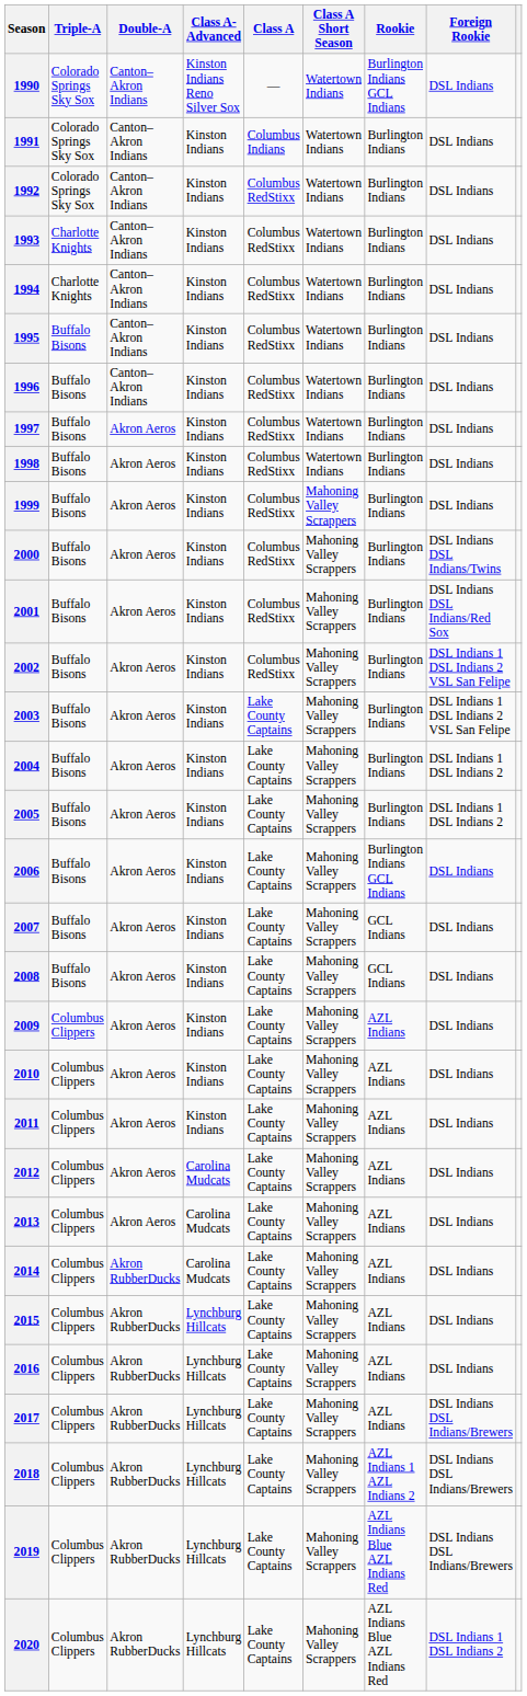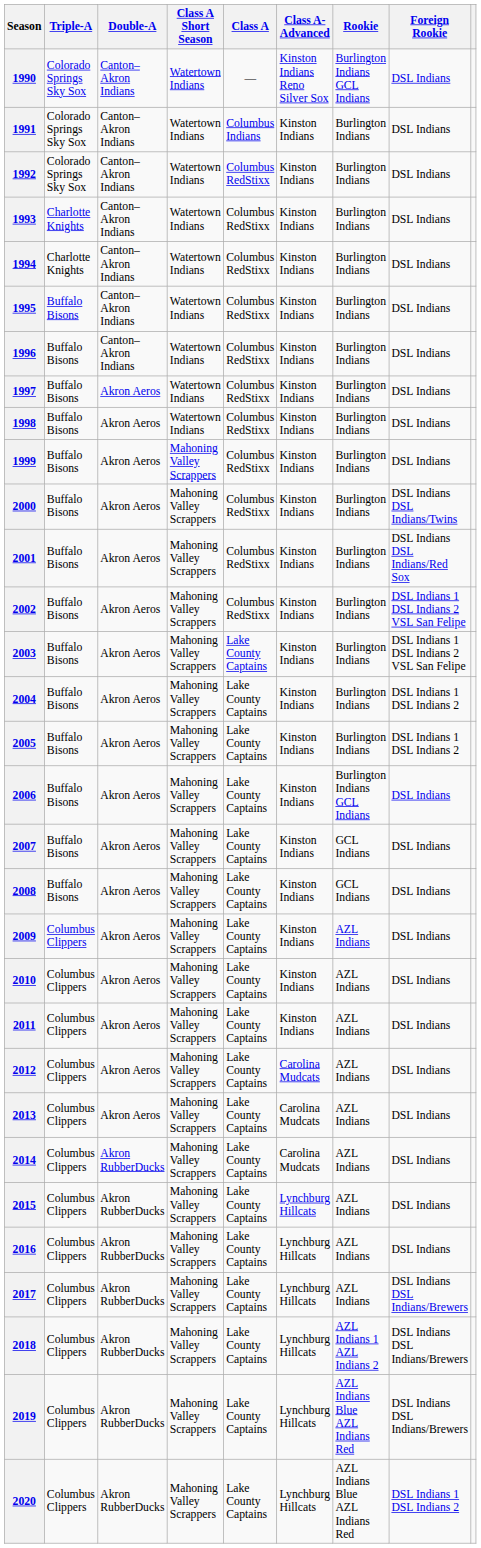 <table class="wikitable plainrowheaders">
 <tr>
 <th scope="col">Season</th>
 <th scope="col"><a href='#'><span>Triple-A</span></a></th>
 <th scope="col"><a href='#'><span>Double-A</span></a></th>
+<th scope="col"><a href='#'><span>Class A Short Season</span></a></th>
+<th scope="col"><a href='#'><span>Class A</span></a></th>
 <th scope="col"><a href='#'><span>Class A-Advanced</span></a></th>
-<th scope="col"><a href='#'><span>Class A</span></a></th>
-<th scope="col"><a href='#'><span>Class A Short Season</span></a></th>
 <th scope="col"><a href='#'><span>Rookie</span></a></th>
 <th scope="col"><a href='#'><span>Foreign Rookie</span></a></th>
 <th scope="col"></th>
 </tr>
 <tr>
 <th scope="row" style="text-align:center"><a href='#'>1990</a></th>
 <td><a href='#'>Colorado Springs Sky Sox</a></td>
 <td><a href='#'>Canton–Akron Indians</a></td>
+<td><a href='#'>Watertown Indians</a></td>
+<td align="center">—</td>
 <td><a href='#'>Kinston Indians</a><br><a href='#'>Reno Silver Sox</a></td>
-<td align="center">—</td>
-<td><a href='#'>Watertown Indians</a></td>
 <td><a href='#'>Burlington Indians</a><br><a href='#'>GCL Indians</a></td>
 <td><a href='#'>DSL Indians</a></td>
 <td align="center"></td>
 </tr>
 <tr>
 <th scope="row" style="text-align:center"><a href='#'>1991</a></th>
 <td>Colorado Springs Sky Sox</td>
 <td>Canton–Akron Indians</td>
+<td>Watertown Indians</td>
+<td><a href='#'>Columbus Indians</a></td>
 <td>Kinston Indians</td>
-<td><a href='#'>Columbus Indians</a></td>
-<td>Watertown Indians</td>
 <td>Burlington Indians</td>
 <td>DSL Indians</td>
 <td align="center"></td>
 </tr>
 <tr>
 <th scope="row" style="text-align:center"><a href='#'>1992</a></th>
 <td>Colorado Springs Sky Sox</td>
 <td>Canton–Akron Indians</td>
+<td>Watertown Indians</td>
+<td><a href='#'>Columbus RedStixx</a></td>
 <td>Kinston Indians</td>
-<td><a href='#'>Columbus RedStixx</a></td>
-<td>Watertown Indians</td>
 <td>Burlington Indians</td>
 <td>DSL Indians</td>
 <td align="center"></td>
 </tr>
 <tr>
 <th scope="row" style="text-align:center"><a href='#'>1993</a></th>
 <td><a href='#'>Charlotte Knights</a></td>
 <td>Canton–Akron Indians</td>
+<td>Watertown Indians</td>
+<td>Columbus RedStixx</td>
 <td>Kinston Indians</td>
-<td>Columbus RedStixx</td>
-<td>Watertown Indians</td>
 <td>Burlington Indians</td>
 <td>DSL Indians</td>
 <td align="center"></td>
 </tr>
 <tr>
 <th scope="row" style="text-align:center"><a href='#'>1994</a></th>
 <td>Charlotte Knights</td>
 <td>Canton–Akron Indians</td>
+<td>Watertown Indians</td>
+<td>Columbus RedStixx</td>
 <td>Kinston Indians</td>
-<td>Columbus RedStixx</td>
-<td>Watertown Indians</td>
 <td>Burlington Indians</td>
 <td>DSL Indians</td>
 <td align="center"></td>
 </tr>
 <tr>
 <th scope="row" style="text-align:center"><a href='#'>1995</a></th>
 <td><a href='#'>Buffalo Bisons</a></td>
 <td>Canton–Akron Indians</td>
+<td>Watertown Indians</td>
+<td>Columbus RedStixx</td>
 <td>Kinston Indians</td>
-<td>Columbus RedStixx</td>
-<td>Watertown Indians</td>
 <td>Burlington Indians</td>
 <td>DSL Indians</td>
 <td align="center"></td>
 </tr>
 <tr>
 <th scope="row" style="text-align:center"><a href='#'>1996</a></th>
 <td>Buffalo Bisons</td>
 <td>Canton–Akron Indians</td>
+<td>Watertown Indians</td>
+<td>Columbus RedStixx</td>
 <td>Kinston Indians</td>
-<td>Columbus RedStixx</td>
-<td>Watertown Indians</td>
 <td>Burlington Indians</td>
 <td>DSL Indians</td>
 <td align="center"></td>
 </tr>
 <tr>
 <th scope="row" style="text-align:center"><a href='#'>1997</a></th>
 <td>Buffalo Bisons</td>
 <td><a href='#'>Akron Aeros</a></td>
+<td>Watertown Indians</td>
+<td>Columbus RedStixx</td>
 <td>Kinston Indians</td>
-<td>Columbus RedStixx</td>
-<td>Watertown Indians</td>
 <td>Burlington Indians</td>
 <td>DSL Indians</td>
 <td align="center"></td>
 </tr>
 <tr>
 <th scope="row" style="text-align:center"><a href='#'>1998</a></th>
 <td>Buffalo Bisons</td>
 <td>Akron Aeros</td>
+<td>Watertown Indians</td>
+<td>Columbus RedStixx</td>
 <td>Kinston Indians</td>
-<td>Columbus RedStixx</td>
-<td>Watertown Indians</td>
 <td>Burlington Indians</td>
 <td>DSL Indians</td>
 <td align="center"></td>
 </tr>
 <tr>
 <th scope="row" style="text-align:center"><a href='#'>1999</a></th>
 <td>Buffalo Bisons</td>
 <td>Akron Aeros</td>
+<td><a href='#'>Mahoning Valley Scrappers</a></td>
+<td>Columbus RedStixx</td>
 <td>Kinston Indians</td>
-<td>Columbus RedStixx</td>
-<td><a href='#'>Mahoning Valley Scrappers</a></td>
 <td>Burlington Indians</td>
 <td>DSL Indians</td>
 <td align="center"></td>
 </tr>
 <tr>
 <th scope="row" style="text-align:center"><a href='#'>2000</a></th>
 <td>Buffalo Bisons</td>
 <td>Akron Aeros</td>
+<td>Mahoning Valley Scrappers</td>
+<td>Columbus RedStixx</td>
 <td>Kinston Indians</td>
-<td>Columbus RedStixx</td>
-<td>Mahoning Valley Scrappers</td>
 <td>Burlington Indians</td>
 <td>DSL Indians<br><a href='#'>DSL Indians/Twins</a></td>
 <td align="center"></td>
 </tr>
 <tr>
 <th scope="row" style="text-align:center"><a href='#'>2001</a></th>
 <td>Buffalo Bisons</td>
 <td>Akron Aeros</td>
+<td>Mahoning Valley Scrappers</td>
+<td>Columbus RedStixx</td>
 <td>Kinston Indians</td>
-<td>Columbus RedStixx</td>
-<td>Mahoning Valley Scrappers</td>
 <td>Burlington Indians</td>
 <td>DSL Indians<br><a href='#'>DSL Indians/Red Sox</a></td>
 <td align="center"></td>
 </tr>
 <tr>
 <th scope="row" style="text-align:center"><a href='#'>2002</a></th>
 <td>Buffalo Bisons</td>
 <td>Akron Aeros</td>
+<td>Mahoning Valley Scrappers</td>
+<td>Columbus RedStixx</td>
 <td>Kinston Indians</td>
-<td>Columbus RedStixx</td>
-<td>Mahoning Valley Scrappers</td>
 <td>Burlington Indians</td>
 <td><a href='#'>DSL Indians 1</a><br><a href='#'>DSL Indians 2</a><br><a href='#'>VSL San Felipe</a></td>
 <td align="center"></td>
 </tr>
 <tr>
 <th scope="row" style="text-align:center"><a href='#'>2003</a></th>
 <td>Buffalo Bisons</td>
 <td>Akron Aeros</td>
+<td>Mahoning Valley Scrappers</td>
+<td><a href='#'>Lake County Captains</a></td>
 <td>Kinston Indians</td>
-<td><a href='#'>Lake County Captains</a></td>
-<td>Mahoning Valley Scrappers</td>
 <td>Burlington Indians</td>
 <td>DSL Indians 1<br>DSL Indians 2<br>VSL San Felipe</td>
 <td align="center"></td>
 </tr>
 <tr>
 <th scope="row" style="text-align:center"><a href='#'>2004</a></th>
 <td>Buffalo Bisons</td>
 <td>Akron Aeros</td>
+<td>Mahoning Valley Scrappers</td>
+<td>Lake County Captains</td>
 <td>Kinston Indians</td>
-<td>Lake County Captains</td>
-<td>Mahoning Valley Scrappers</td>
 <td>Burlington Indians</td>
 <td>DSL Indians 1<br>DSL Indians 2</td>
 <td align="center"></td>
 </tr>
 <tr>
 <th scope="row" style="text-align:center"><a href='#'>2005</a></th>
 <td>Buffalo Bisons</td>
 <td>Akron Aeros</td>
+<td>Mahoning Valley Scrappers</td>
+<td>Lake County Captains</td>
 <td>Kinston Indians</td>
-<td>Lake County Captains</td>
-<td>Mahoning Valley Scrappers</td>
 <td>Burlington Indians</td>
 <td>DSL Indians 1<br>DSL Indians 2</td>
 <td align="center"></td>
 </tr>
 <tr>
 <th scope="row" style="text-align:center"><a href='#'>2006</a></th>
 <td>Buffalo Bisons</td>
 <td>Akron Aeros</td>
+<td>Mahoning Valley Scrappers</td>
+<td>Lake County Captains</td>
 <td>Kinston Indians</td>
-<td>Lake County Captains</td>
-<td>Mahoning Valley Scrappers</td>
 <td>Burlington Indians<br><a href='#'>GCL Indians</a></td>
 <td><a href='#'>DSL Indians</a></td>
 <td align="center"></td>
 </tr>
 <tr>
 <th scope="row" style="text-align:center"><a href='#'>2007</a></th>
 <td>Buffalo Bisons</td>
 <td>Akron Aeros</td>
+<td>Mahoning Valley Scrappers</td>
+<td>Lake County Captains</td>
 <td>Kinston Indians</td>
-<td>Lake County Captains</td>
-<td>Mahoning Valley Scrappers</td>
 <td>GCL Indians</td>
 <td>DSL Indians</td>
 <td align="center"></td>
 </tr>
 <tr>
 <th scope="row" style="text-align:center"><a href='#'>2008</a></th>
 <td>Buffalo Bisons</td>
 <td>Akron Aeros</td>
+<td>Mahoning Valley Scrappers</td>
+<td>Lake County Captains</td>
 <td>Kinston Indians</td>
-<td>Lake County Captains</td>
-<td>Mahoning Valley Scrappers</td>
 <td>GCL Indians</td>
 <td>DSL Indians</td>
 <td align="center"></td>
 </tr>
 <tr>
 <th scope="row" style="text-align:center"><a href='#'>2009</a></th>
 <td><a href='#'>Columbus Clippers</a></td>
 <td>Akron Aeros</td>
+<td>Mahoning Valley Scrappers</td>
+<td>Lake County Captains</td>
 <td>Kinston Indians</td>
-<td>Lake County Captains</td>
-<td>Mahoning Valley Scrappers</td>
 <td><a href='#'>AZL Indians</a></td>
 <td>DSL Indians</td>
 <td align="center"></td>
 </tr>
 <tr>
 <th scope="row" style="text-align:center"><a href='#'>2010</a></th>
 <td>Columbus Clippers</td>
 <td>Akron Aeros</td>
+<td>Mahoning Valley Scrappers</td>
+<td>Lake County Captains</td>
 <td>Kinston Indians</td>
-<td>Lake County Captains</td>
-<td>Mahoning Valley Scrappers</td>
 <td>AZL Indians</td>
 <td>DSL Indians</td>
 <td align="center"></td>
 </tr>
 <tr>
 <th scope="row" style="text-align:center"><a href='#'>2011</a></th>
 <td>Columbus Clippers</td>
 <td>Akron Aeros</td>
+<td>Mahoning Valley Scrappers</td>
+<td>Lake County Captains</td>
 <td>Kinston Indians</td>
-<td>Lake County Captains</td>
-<td>Mahoning Valley Scrappers</td>
 <td>AZL Indians</td>
 <td>DSL Indians</td>
 <td align="center"></td>
 </tr>
 <tr>
 <th scope="row" style="text-align:center"><a href='#'>2012</a></th>
 <td>Columbus Clippers</td>
 <td>Akron Aeros</td>
+<td>Mahoning Valley Scrappers</td>
+<td>Lake County Captains</td>
 <td><a href='#'>Carolina Mudcats</a></td>
-<td>Lake County Captains</td>
-<td>Mahoning Valley Scrappers</td>
 <td>AZL Indians</td>
 <td>DSL Indians</td>
 <td align="center"></td>
 </tr>
 <tr>
 <th scope="row" style="text-align:center"><a href='#'>2013</a></th>
 <td>Columbus Clippers</td>
 <td>Akron Aeros</td>
+<td>Mahoning Valley Scrappers</td>
+<td>Lake County Captains</td>
 <td>Carolina Mudcats</td>
-<td>Lake County Captains</td>
-<td>Mahoning Valley Scrappers</td>
 <td>AZL Indians</td>
 <td>DSL Indians</td>
 <td align="center"></td>
 </tr>
 <tr>
 <th scope="row" style="text-align:center"><a href='#'>2014</a></th>
 <td>Columbus Clippers</td>
 <td><a href='#'>Akron RubberDucks</a></td>
+<td>Mahoning Valley Scrappers</td>
+<td>Lake County Captains</td>
 <td>Carolina Mudcats</td>
-<td>Lake County Captains</td>
-<td>Mahoning Valley Scrappers</td>
 <td>AZL Indians</td>
 <td>DSL Indians</td>
 <td align="center"></td>
 </tr>
 <tr>
 <th scope="row" style="text-align:center"><a href='#'>2015</a></th>
 <td>Columbus Clippers</td>
 <td>Akron RubberDucks</td>
+<td>Mahoning Valley Scrappers</td>
+<td>Lake County Captains</td>
 <td><a href='#'>Lynchburg Hillcats</a></td>
-<td>Lake County Captains</td>
-<td>Mahoning Valley Scrappers</td>
 <td>AZL Indians</td>
 <td>DSL Indians</td>
 <td align="center"></td>
 </tr>
 <tr>
 <th scope="row" style="text-align:center"><a href='#'>2016</a></th>
 <td>Columbus Clippers</td>
 <td>Akron RubberDucks</td>
+<td>Mahoning Valley Scrappers</td>
+<td>Lake County Captains</td>
 <td>Lynchburg Hillcats</td>
-<td>Lake County Captains</td>
-<td>Mahoning Valley Scrappers</td>
 <td>AZL Indians</td>
 <td>DSL Indians</td>
 <td align="center"></td>
 </tr>
 <tr>
 <th scope="row" style="text-align:center"><a href='#'>2017</a></th>
 <td>Columbus Clippers</td>
 <td>Akron RubberDucks</td>
+<td>Mahoning Valley Scrappers</td>
+<td>Lake County Captains</td>
 <td>Lynchburg Hillcats</td>
-<td>Lake County Captains</td>
-<td>Mahoning Valley Scrappers</td>
 <td>AZL Indians</td>
 <td>DSL Indians<br><a href='#'>DSL Indians/Brewers</a></td>
 <td align="center"></td>
 </tr>
 <tr>
 <th scope="row" style="text-align:center"><a href='#'>2018</a></th>
 <td>Columbus Clippers</td>
 <td>Akron RubberDucks</td>
+<td>Mahoning Valley Scrappers</td>
+<td>Lake County Captains</td>
 <td>Lynchburg Hillcats</td>
-<td>Lake County Captains</td>
-<td>Mahoning Valley Scrappers</td>
 <td><a href='#'>AZL Indians 1</a><br><a href='#'>AZL Indians 2</a></td>
 <td>DSL Indians<br>DSL Indians/Brewers</td>
 <td align="center"></td>
 </tr>
 <tr>
 <th scope="row" style="text-align:center"><a href='#'>2019</a></th>
 <td>Columbus Clippers</td>
 <td>Akron RubberDucks</td>
+<td>Mahoning Valley Scrappers</td>
+<td>Lake County Captains</td>
 <td>Lynchburg Hillcats</td>
-<td>Lake County Captains</td>
-<td>Mahoning Valley Scrappers</td>
 <td><a href='#'>AZL Indians Blue</a><br><a href='#'>AZL Indians Red</a></td>
 <td>DSL Indians<br>DSL Indians/Brewers</td>
 <td align="center"></td>
 </tr>
 <tr>
 <th scope="row" style="text-align:center"><a href='#'>2020</a></th>
 <td>Columbus Clippers</td>
 <td>Akron RubberDucks</td>
+<td>Mahoning Valley Scrappers</td>
+<td>Lake County Captains</td>
 <td>Lynchburg Hillcats</td>
-<td>Lake County Captains</td>
-<td>Mahoning Valley Scrappers</td>
 <td>AZL Indians Blue<br>AZL Indians Red</td>
 <td><a href='#'>DSL Indians 1</a><br><a href='#'>DSL Indians 2</a></td>
 <td align="center"></td>
 </tr>
 </table>
